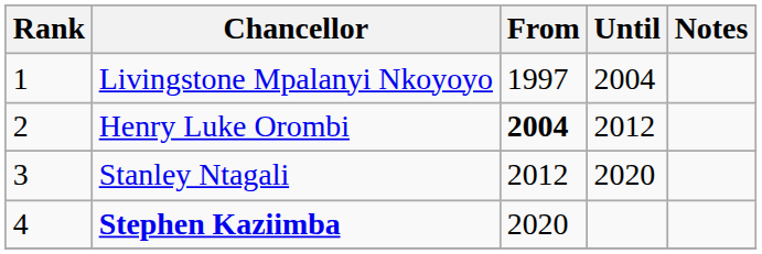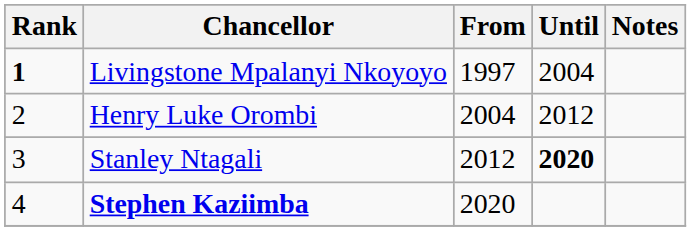 <table class="wikitable sortable" style="margin: 0.5em auto">
 <tr>
 <th>Rank</th>
 <th>Chancellor</th>
 <th>From</th>
 <th>Until</th>
 <th>Notes</th>
 </tr>
 <tr>
-<td>1</td>
+<td><strong>1</strong></td>
 <td><a href='#'>Livingstone Mpalanyi Nkoyoyo</a></td>
 <td>1997</td>
 <td>2004</td>
 <td></td>
 </tr>
 <tr>
 <td>2</td>
 <td><a href='#'>Henry Luke Orombi</a></td>
-<td><strong>2004</strong></td>
+<td>2004</td>
 <td>2012</td>
 <td></td>
 </tr>
 <tr>
 <td>3</td>
 <td><a href='#'>Stanley Ntagali</a></td>
 <td>2012</td>
-<td>2020</td>
+<td><strong>2020</strong></td>
 <td></td>
 </tr>
 <tr>
 <td>4</td>
 <td><strong><a href='#'>Stephen Kaziimba</a></strong></td>
 <td>2020</td>
 <td></td>
 <td></td>
 </tr>
 <tr>
 </tr>
 </table>
